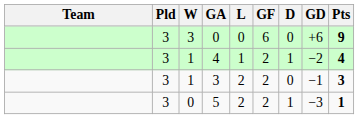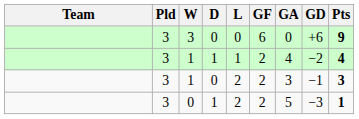 <table class=wikitable style="text-align:center">
 <tr>
 <th width=165>Team</th>
 <th width=20>Pld</th>
 <th width=20>W</th>
-<th width=20>GA</th>
+<th width=20>D</th>
 <th width=20>L</th>
 <th width=20>GF</th>
-<th width=20>D</th>
+<th width=20>GA</th>
 <th width=20>GD</th>
 <th width=20>Pts</th>
 </tr>
 <tr style="background:#ccffcc;">
 <td style="text-align:left;"></td>
 <td>3</td>
 <td>3</td>
 <td>0</td>
 <td>0</td>
 <td>6</td>
 <td>0</td>
 <td>+6</td>
 <td><strong>9</strong></td>
 </tr>
 <tr style="background:#ccffcc;">
 <td style="text-align:left;"></td>
 <td>3</td>
 <td>1</td>
-<td>4</td>
+<td>1</td>
 <td>1</td>
 <td>2</td>
-<td>1</td>
+<td>4</td>
 <td>−2</td>
 <td><strong>4</strong></td>
 </tr>
 <tr>
 <td style="text-align:left;"></td>
 <td>3</td>
 <td>1</td>
-<td>3</td>
+<td>0</td>
 <td>2</td>
 <td>2</td>
-<td>0</td>
+<td>3</td>
 <td>−1</td>
 <td><strong>3</strong></td>
 </tr>
 <tr>
 <td style="text-align:left;"></td>
 <td>3</td>
 <td>0</td>
-<td>5</td>
+<td>1</td>
 <td>2</td>
 <td>2</td>
-<td>1</td>
+<td>5</td>
 <td>−3</td>
 <td><strong>1</strong></td>
 </tr>
 </table>
